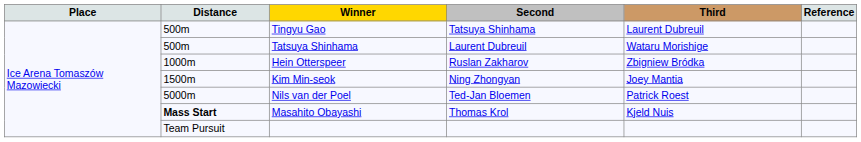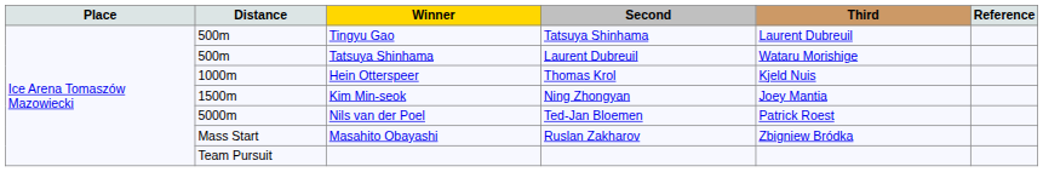 <table bgcolor="#f7f8ff" cellpadding="3" cellspacing="0" border="1" style="font-size: 95%; border: gray solid 1px; border-collapse: collapse;">
 <tr bgcolor="#cccccc" (1>
 <td width="220" align="center" bgcolor="#dce5e5"><strong>Place</strong></td>
 <td width="150" align="center" bgcolor="#dce5e5"><strong>Distance</strong></td>
 <td align="center" bgcolor="gold" width="250"><strong>Winner</strong></td>
 <td align="center" bgcolor="silver" width="250"><strong>Second</strong></td>
 <td width="250" align="center" bgcolor="#cc9966"><strong>Third</strong></td>
 <td width="30" align="center" bgcolor="#dce5e5"><strong>Reference</strong></td>
 </tr>
 <tr align="left">
 <td rowspan=7><a href='#'>Ice Arena Tomaszów Mazowiecki</a></td>
 <td>500m</td>
 <td> <a href='#'>Tingyu Gao</a></td>
 <td> <a href='#'>Tatsuya Shinhama</a></td>
 <td> <a href='#'>Laurent Dubreuil</a></td>
 <td></td>
 </tr>
 <tr align="left">
 <td>500m</td>
 <td> <a href='#'>Tatsuya Shinhama</a></td>
 <td> <a href='#'>Laurent Dubreuil</a></td>
 <td> <a href='#'>Wataru Morishige</a></td>
 <td></td>
 </tr>
 <tr align="left">
 <td>1000m</td>
 <td> <a href='#'>Hein Otterspeer</a></td>
-<td> <a href='#'>Ruslan Zakharov</a></td>
-<td> <a href='#'>Zbigniew Bródka</a></td>
+<td> <a href='#'>Thomas Krol</a></td>
+<td> <a href='#'>Kjeld Nuis</a></td>
 <td></td>
 </tr>
 <tr align="left">
 <td>1500m</td>
 <td> <a href='#'>Kim Min-seok</a></td>
 <td> <a href='#'>Ning Zhongyan</a></td>
 <td> <a href='#'>Joey Mantia</a></td>
 <td></td>
 </tr>
 <tr align="left">
 <td>5000m</td>
 <td> <a href='#'>Nils van der Poel</a></td>
 <td> <a href='#'>Ted-Jan Bloemen</a></td>
 <td> <a href='#'>Patrick Roest</a></td>
 <td></td>
 </tr>
 <tr align="left">
-<td><strong>Mass Start</strong></td>
+<td>Mass Start</td>
 <td> <a href='#'>Masahito Obayashi</a></td>
-<td> <a href='#'>Thomas Krol</a></td>
-<td> <a href='#'>Kjeld Nuis</a></td>
+<td> <a href='#'>Ruslan Zakharov</a></td>
+<td> <a href='#'>Zbigniew Bródka</a></td>
 <td></td>
 </tr>
 <tr align="left">
 <td>Team Pursuit</td>
 <td></td>
 <td></td>
 <td></td>
 <td></td>
 </tr>
 </table>
